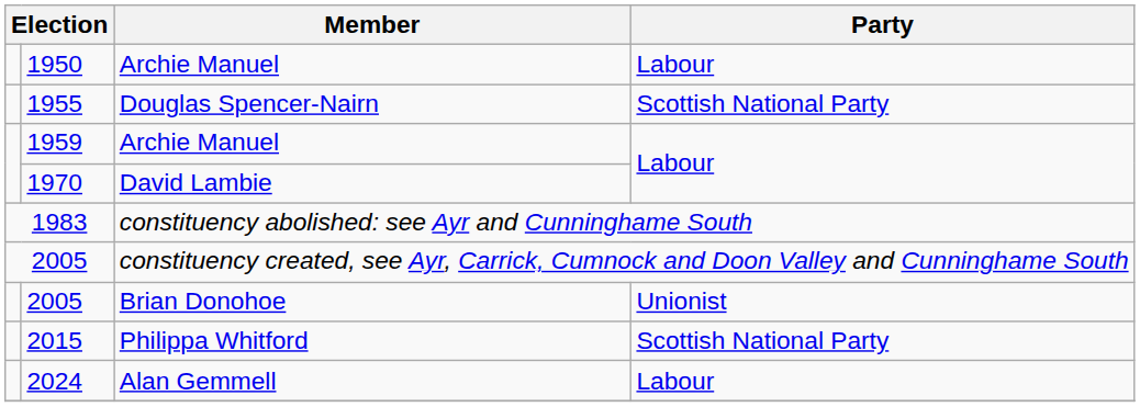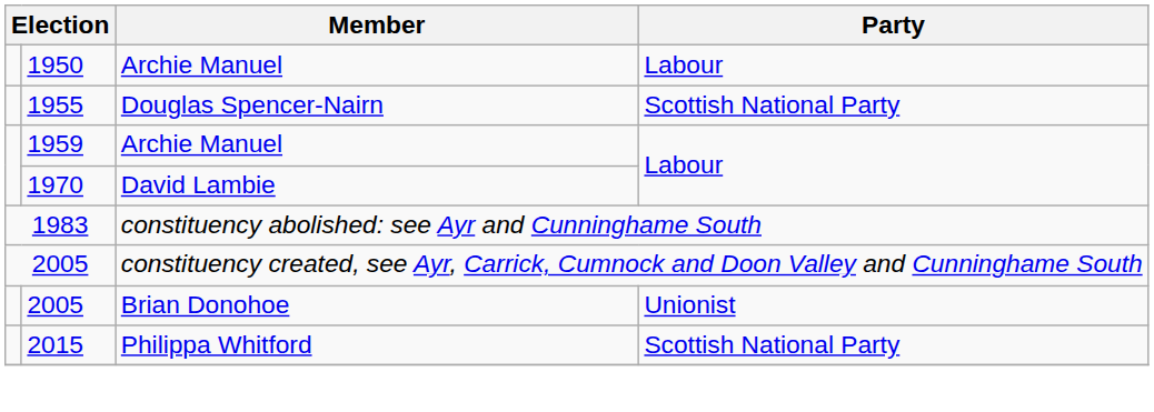 <table class="wikitable">
 <tr>
 <th colspan="2">Election</th>
 <th>Member</th>
 <th>Party</th>
 </tr>
 <tr>
 <td style="color:inherit;background-color: "></td>
 <td><a href='#'>1950</a></td>
 <td><a href='#'>Archie Manuel</a></td>
 <td><a href='#'>Labour</a></td>
 </tr>
 <tr>
 <td style="color:inherit;background-color: "></td>
 <td><a href='#'>1955</a></td>
 <td><a href='#'>Douglas Spencer-Nairn</a></td>
 <td><a href='#'>Scottish National Party</a></td>
 </tr>
 <tr>
 <td rowspan="2" style="color:inherit;background-color: "></td>
 <td><a href='#'>1959</a></td>
 <td><a href='#'>Archie Manuel</a></td>
 <td rowspan="2"><a href='#'>Labour</a></td>
 </tr>
 <tr>
 <td><a href='#'>1970</a></td>
 <td><a href='#'>David Lambie</a></td>
 </tr>
 <tr>
 <td colspan="2" align="center"><a href='#'>1983</a></td>
 <td colspan="2"><em>constituency abolished: see <a href='#'>Ayr</a> and <a href='#'>Cunninghame South</a></em></td>
 </tr>
 <tr>
 <td colspan="2" align="center"><a href='#'>2005</a></td>
 <td colspan="2"><em>constituency created, see <a href='#'>Ayr</a>, <a href='#'>Carrick, Cumnock and Doon Valley</a> and <a href='#'>Cunninghame South</a></em></td>
 </tr>
 <tr>
 <td style="color:inherit;background-color: "></td>
 <td><a href='#'>2005</a></td>
 <td><a href='#'>Brian Donohoe</a></td>
 <td><a href='#'>Unionist</a></td>
 </tr>
 <tr>
 <td style="color:inherit;background-color: "></td>
 <td><a href='#'>2015</a></td>
 <td><a href='#'>Philippa Whitford</a></td>
 <td><a href='#'>Scottish National Party</a></td>
 </tr>
 <tr>
-<td style="color:inherit;background-color: "></td>
-<td><a href='#'>2024</a></td>
-<td><a href='#'>Alan Gemmell</a></td>
-<td><a href='#'>Labour</a></td>
-</tr>
-<tr>
 </tr>
 </table>
